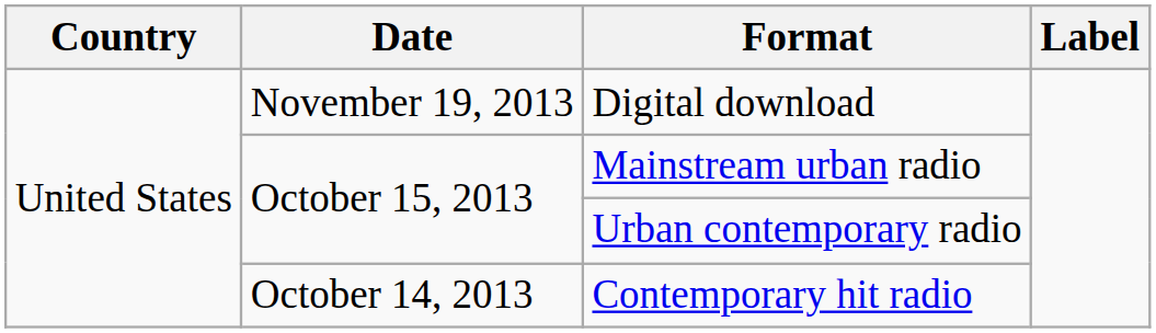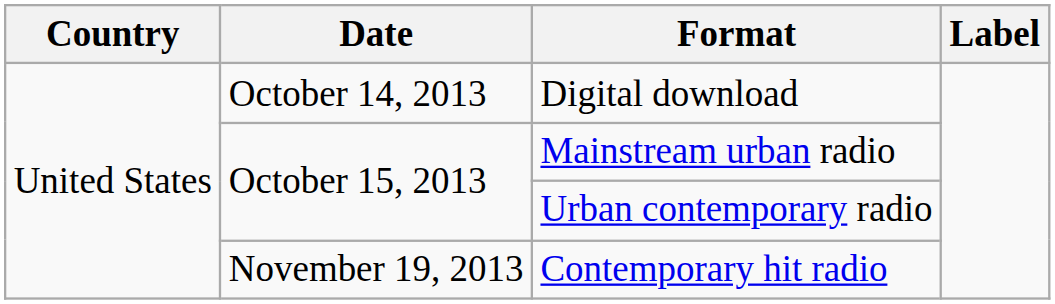 <table class="wikitable">
 <tr>
 <th>Country</th>
 <th>Date</th>
 <th>Format</th>
 <th>Label</th>
 </tr>
 <tr>
 <td rowspan="4">United States</td>
-<td>November 19, 2013</td>
+<td>October 14, 2013</td>
 <td>Digital download</td>
 <td rowspan="4"></td>
 </tr>
 <tr>
 <td rowspan="2">October 15, 2013</td>
 <td><a href='#'>Mainstream urban</a> radio</td>
 </tr>
 <tr>
 <td><a href='#'>Urban contemporary</a> radio</td>
 </tr>
 <tr>
-<td>October 14, 2013</td>
+<td>November 19, 2013</td>
 <td><a href='#'>Contemporary hit radio</a></td>
 </tr>
 </table>
